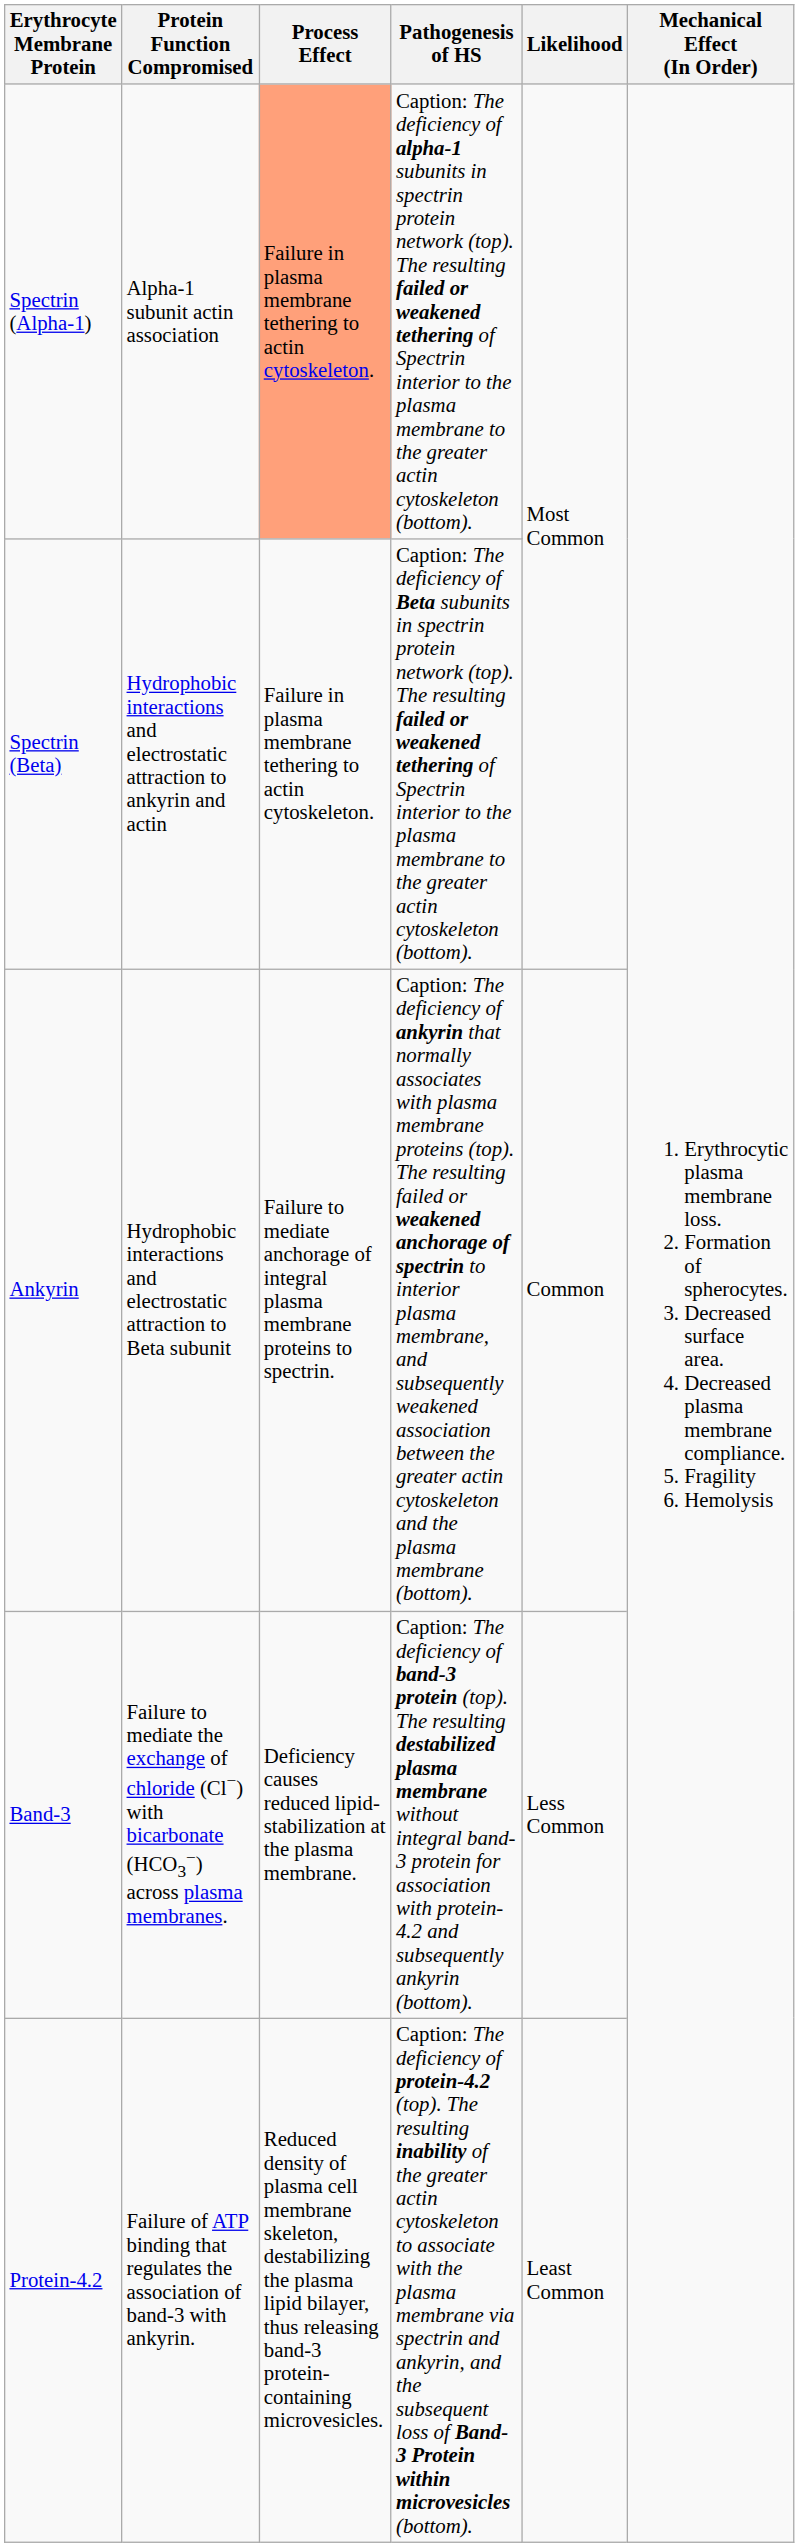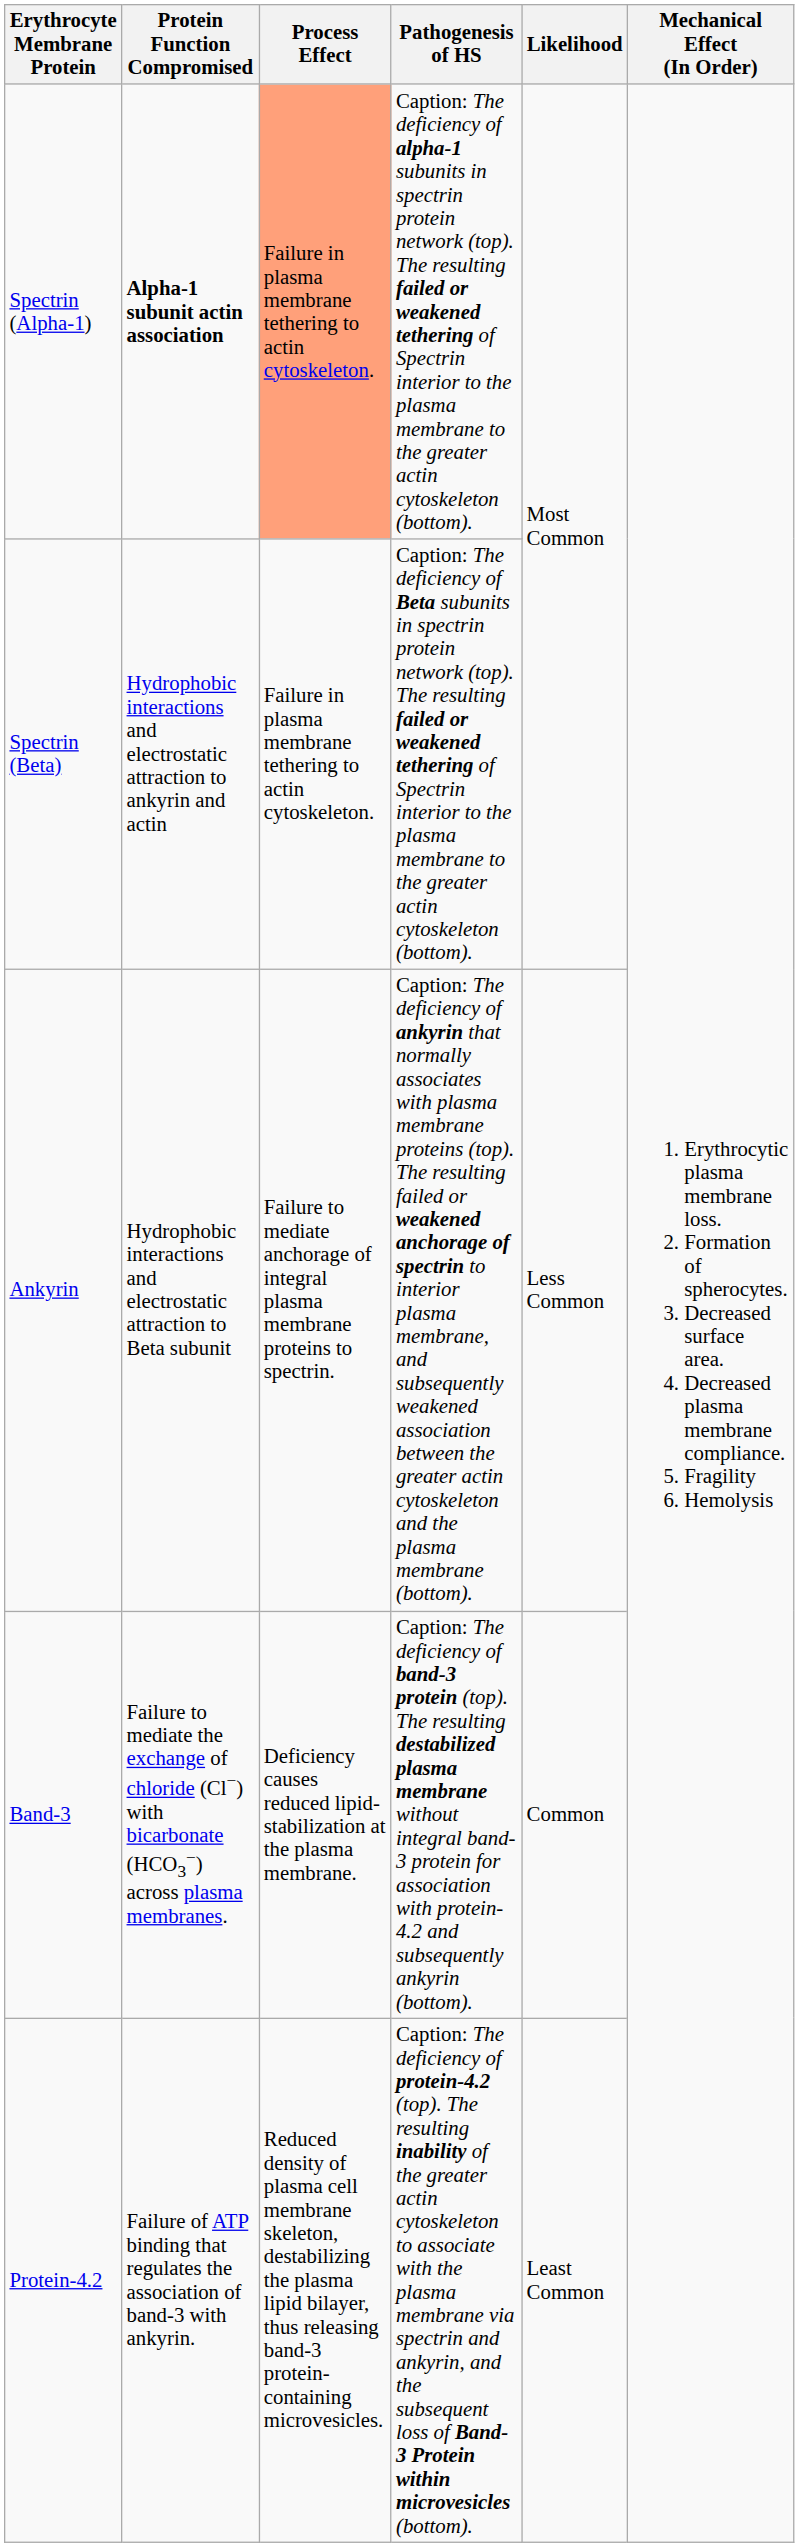 <table class="wikitable">
 <tr>
 <th>Erythrocyte Membrane Protein</th>
 <th>Protein Function Compromised</th>
 <th>Process Effect</th>
 <th>Pathogenesis of HS</th>
 <th>Likelihood</th>
 <th>Mechanical Effect<br>(In Order)</th>
 </tr>
 <tr>
 <td><a href='#'>Spectrin</a> (<a href='#'>Alpha-1</a>)</td>
-<td>Alpha-1 subunit actin association</td>
+<td><strong>Alpha-1 subunit actin association</strong></td>
 <td style="background: lightsalmon;">Failure in plasma membrane tethering to actin <a href='#'>cytoskeleton</a>.</td>
 <td>Caption: <em>The deficiency of <strong>alpha-1</strong> subunits in spectrin protein network (top). The resulting <strong>failed or weakened tethering</strong> of Spectrin interior to the plasma membrane to the greater actin cytoskeleton (bottom).</em></td>
 <td rowspan="2">Most Common</td>
 <td rowspan="5"><br><ol><li>Erythrocytic plasma membrane loss.</li><li>Formation of spherocytes.</li><li>Decreased surface area.</li><li>Decreased plasma membrane compliance.</li><li>Fragility</li><li>Hemolysis</li></ol></td>
 </tr>
 <tr>
 <td><a href='#'>Spectrin (Beta)</a></td>
 <td><a href='#'>Hydrophobic interactions</a> and electrostatic attraction to ankyrin and actin</td>
 <td>Failure in plasma membrane tethering to actin cytoskeleton.</td>
 <td>Caption: <em>The deficiency of <strong>Beta</strong> subunits in spectrin protein network (top). The resulting <strong>failed or</strong> <strong>weakened tethering</strong> of Spectrin interior to the plasma membrane to the greater actin cytoskeleton (bottom).</em></td>
 </tr>
 <tr>
 <td><a href='#'>Ankyrin</a></td>
 <td>Hydrophobic interactions and electrostatic attraction to Beta subunit</td>
 <td>Failure to mediate anchorage of integral plasma membrane proteins to spectrin.</td>
 <td>Caption: <em>The deficiency of <strong>ankyrin</strong> that normally associates with plasma membrane proteins (top). The resulting failed or <strong>weakened anchorage of spectrin</strong> to interior plasma membrane, and subsequently weakened association between the greater actin cytoskeleton and the plasma membrane (bottom).</em></td>
-<td>Common</td>
+<td>Less Common</td>
 </tr>
 <tr>
 <td><a href='#'>Band-3</a></td>
 <td>Failure to mediate the <a href='#'>exchange</a> of <a href='#'>chloride</a> (Cl<sup>−</sup>) with <a href='#'>bicarbonate</a> (HCO<sub>3</sub><sup>−</sup>) across <a href='#'>plasma membranes</a>.</td>
 <td>Deficiency causes reduced lipid-stabilization at the plasma membrane.</td>
 <td>Caption: <em>The deficiency of <strong>band-3 protein</strong> (top). The resulting <strong>destabilized plasma membrane</strong> without integral band-3 protein for association with protein-4.2 and subsequently ankyrin (bottom).</em></td>
-<td>Less Common</td>
+<td>Common</td>
 </tr>
 <tr>
 <td><a href='#'>Protein-4.2</a></td>
 <td>Failure of <a href='#'>ATP</a> binding that regulates the association of band-3 with ankyrin.</td>
 <td>Reduced density of plasma cell membrane skeleton, destabilizing the plasma lipid bilayer, thus releasing band-3 protein-containing microvesicles.</td>
 <td>Caption: <em>The deficiency of <strong>protein-4.2</strong> (top). The resulting <strong>inability</strong> of the greater actin cytoskeleton to associate with the plasma membrane via spectrin and ankyrin, and the subsequent loss of <strong>Band-3 Protein within microvesicles</strong> (bottom).</em></td>
 <td>Least Common</td>
 </tr>
 </table>
